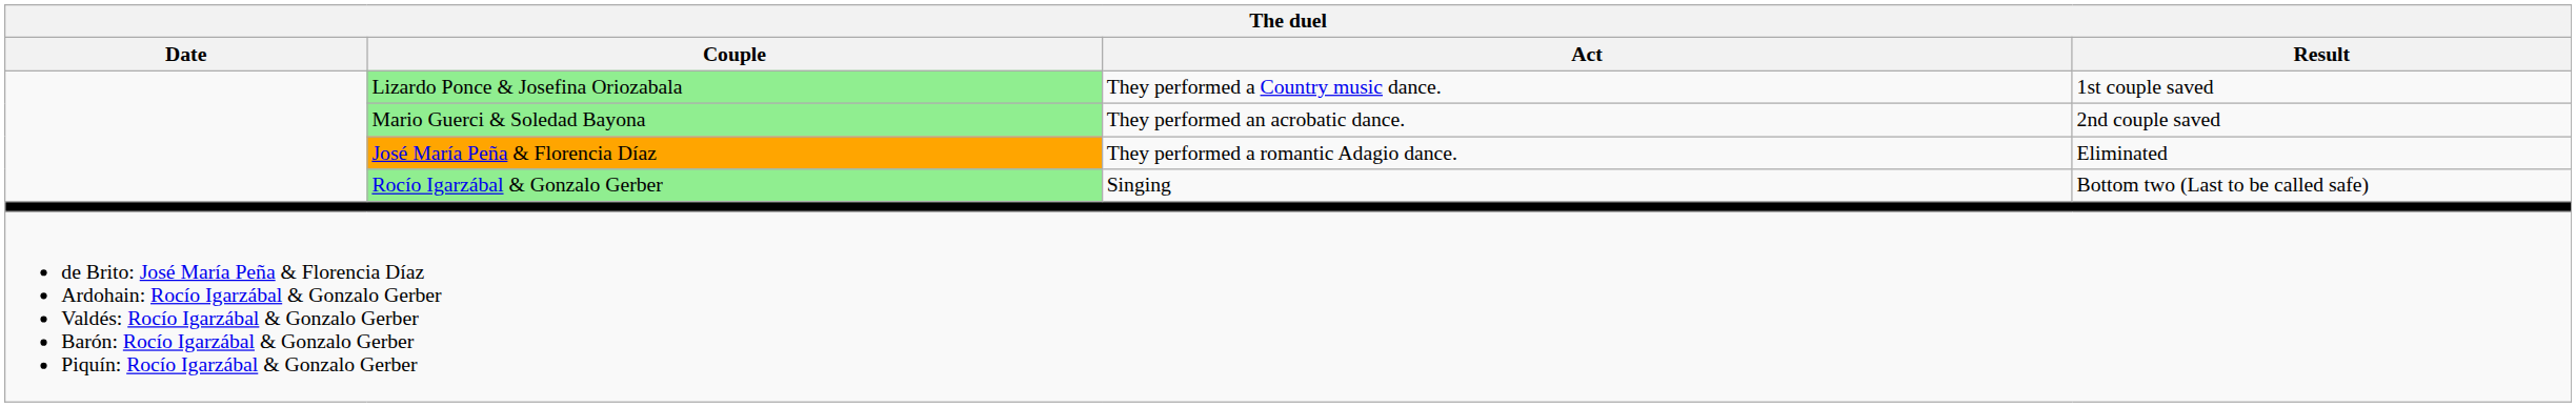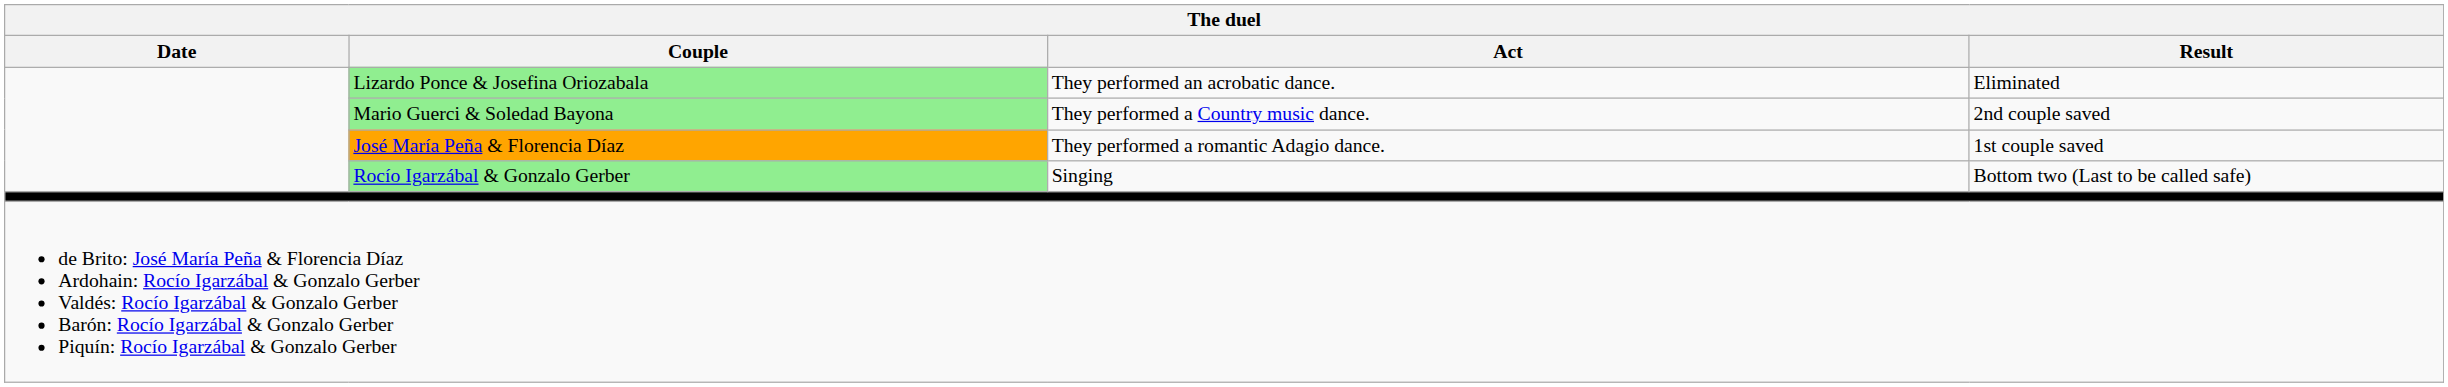 <table class="wikitable collapsible collapsed" style="text-align: align; width: 100%;">
 <tr>
 <th colspan="11" style="with: 100%;" align="center">The duel</th>
 </tr>
 <tr>
 <th width=85>Date</th>
 <th width=180>Couple</th>
 <th width=240>Act</th>
 <th width=120>Result</th>
 </tr>
 <tr>
 <td rowspan="4"></td>
 <td bgcolor="lightgreen">Lizardo Ponce & Josefina Oriozabala</td>
-<td>They performed a <a href='#'>Country music</a> dance.<br></td>
-<td>1st couple saved</td>
+<td>They performed an acrobatic dance.<br></td>
+<td>Eliminated</td>
 </tr>
 <tr>
 <td bgcolor="lightgreen">Mario Guerci & Soledad Bayona</td>
-<td>They performed an acrobatic dance.<br></td>
+<td>They performed a <a href='#'>Country music</a> dance.<br></td>
 <td>2nd couple saved</td>
 </tr>
 <tr>
 <td bgcolor="orange"><a href='#'>José María Peña</a> & Florencia Díaz</td>
 <td>They performed a romantic Adagio dance.<br></td>
-<td>Eliminated</td>
+<td>1st couple saved</td>
 </tr>
 <tr>
 <td bgcolor="lightgreen"><a href='#'>Rocío Igarzábal</a> & Gonzalo Gerber</td>
 <td>Singing<br></td>
 <td>Bottom two (Last to be called safe)</td>
 </tr>
 <tr>
 <th style="background:black" colspan="4"></th>
 </tr>
 <tr>
 <td colspan="4"><br><ul><li>de Brito: <a href='#'>José María Peña</a> & Florencia Díaz</li><li>Ardohain: <a href='#'>Rocío Igarzábal</a> & Gonzalo Gerber</li><li>Valdés: <a href='#'>Rocío Igarzábal</a> & Gonzalo Gerber</li><li>Barón: <a href='#'>Rocío Igarzábal</a> & Gonzalo Gerber</li><li>Piquín: <a href='#'>Rocío Igarzábal</a> & Gonzalo Gerber</li></ul></td>
 </tr>
 </table>
